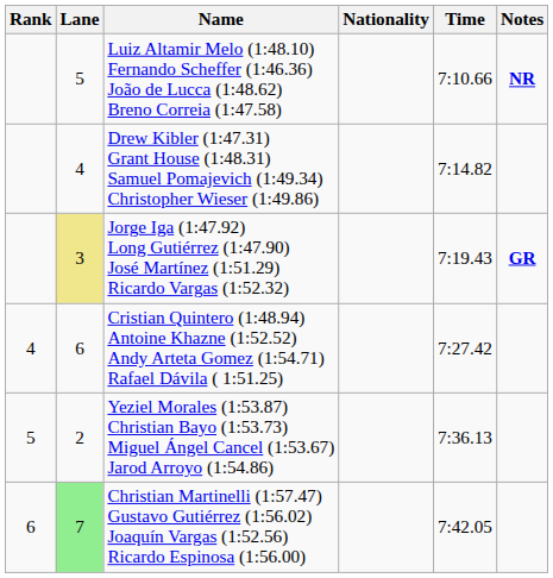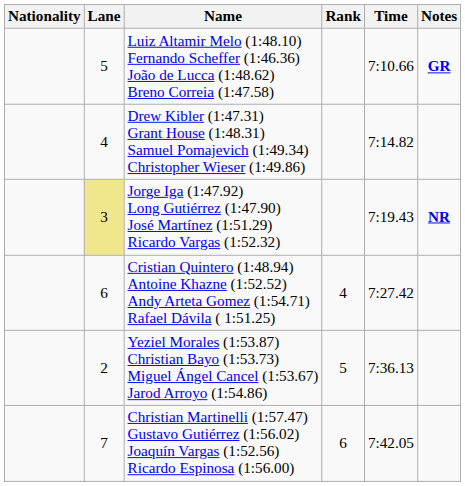 <table class="wikitable sortable" style="text-align:center">
 <tr>
-<th>Rank</th>
+<th>Nationality</th>
 <th>Lane</th>
 <th>Name</th>
-<th>Nationality</th>
+<th>Rank</th>
 <th>Time</th>
 <th>Notes</th>
 </tr>
 <tr>
-<td></td>
+<td align=left></td>
 <td>5</td>
 <td align=left><a href='#'>Luiz Altamir Melo</a> (1:48.10)<br><a href='#'>Fernando Scheffer</a> (1:46.36)<br><a href='#'>João de Lucca</a> (1:48.62)<br><a href='#'>Breno Correia</a> (1:47.58)</td>
-<td align=left></td>
+<td></td>
 <td>7:10.66</td>
-<td><strong><a href='#'>NR</a></strong></td>
+<td><strong><a href='#'>GR</a></strong></td>
 </tr>
 <tr>
-<td></td>
+<td align=left></td>
 <td>4</td>
 <td align=left><a href='#'>Drew Kibler</a> (1:47.31)<br><a href='#'>Grant House</a> (1:48.31)<br><a href='#'>Samuel Pomajevich</a> (1:49.34)<br><a href='#'>Christopher Wieser</a> (1:49.86)</td>
-<td align=left></td>
+<td></td>
 <td>7:14.82</td>
 <td></td>
 </tr>
 <tr>
-<td></td>
+<td align=left></td>
 <td style="background: khaki;">3</td>
 <td align=left><a href='#'>Jorge Iga</a> (1:47.92)<br><a href='#'>Long Gutiérrez</a> (1:47.90)<br><a href='#'>José Martínez</a> (1:51.29)<br><a href='#'>Ricardo Vargas</a> (1:52.32)</td>
-<td align=left></td>
+<td></td>
 <td>7:19.43</td>
-<td><strong><a href='#'>GR</a></strong></td>
+<td><strong><a href='#'>NR</a></strong></td>
 </tr>
 <tr>
-<td>4</td>
+<td align=left></td>
 <td>6</td>
 <td align=left><a href='#'>Cristian Quintero</a> (1:48.94)<br><a href='#'>Antoine Khazne</a> (1:52.52)<br><a href='#'>Andy Arteta Gomez</a> (1:54.71)<br><a href='#'>Rafael Dávila</a> ( 1:51.25)</td>
-<td align=left></td>
+<td>4</td>
 <td>7:27.42</td>
 <td></td>
 </tr>
 <tr>
-<td>5</td>
+<td align=left></td>
 <td>2</td>
 <td align=left><a href='#'>Yeziel Morales</a> (1:53.87)<br><a href='#'>Christian Bayo</a> (1:53.73)<br><a href='#'>Miguel Ángel Cancel</a> (1:53.67)<br><a href='#'>Jarod Arroyo</a> (1:54.86)</td>
-<td align=left></td>
+<td>5</td>
 <td>7:36.13</td>
 <td></td>
 </tr>
 <tr>
+<td align=left></td>
+<td>7</td>
+<td align=left><a href='#'>Christian Martinelli</a> (1:57.47)<br><a href='#'>Gustavo Gutiérrez</a> (1:56.02)<br><a href='#'>Joaquín Vargas</a> (1:52.56)<br><a href='#'>Ricardo Espinosa</a> (1:56.00)</td>
 <td>6</td>
-<td style="background: lightgreen;">7</td>
-<td align=left><a href='#'>Christian Martinelli</a> (1:57.47)<br><a href='#'>Gustavo Gutiérrez</a> (1:56.02)<br><a href='#'>Joaquín Vargas</a> (1:52.56)<br><a href='#'>Ricardo Espinosa</a> (1:56.00)</td>
-<td align=left></td>
 <td>7:42.05</td>
 <td></td>
 </tr>
 </table>
